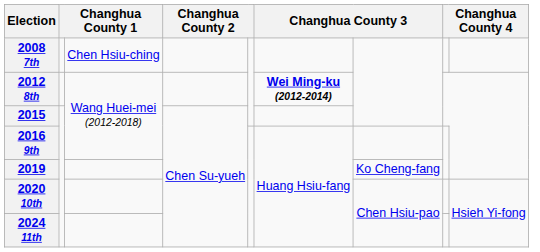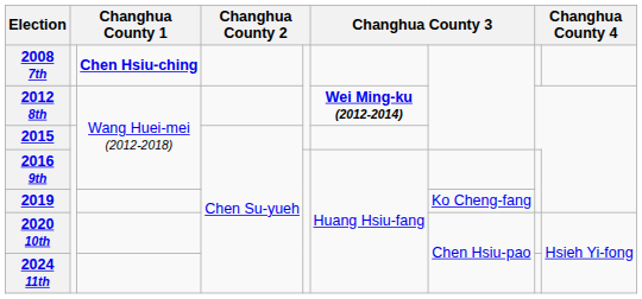 <table class="wikitable" align="center" style="text-align:center">
 <tr>
 <th>Election</th>
 <th colspan="2" width="80px">Changhua County 1</th>
 <th colspan="2" width="80px">Changhua County 2</th>
 <th colspan="2" width="80px">Changhua County 3</th>
 <th colspan="2" width="80px">Changhua County 4</th>
 </tr>
 <tr>
 <th><a href='#'>2008</a><br><small><em><a href='#'>7th</a></em></small><br></th>
 <td style="color:inherit;background:"></td>
-<td><a href='#'>Chen Hsiu-ching</a></td>
+<td><strong><a href='#'>Chen Hsiu-ching</a></strong></td>
 <td style="color:inherit;background:"></td>
 <td rowspan=3></td>
 <td style="color:inherit;background:"></td>
 <td rowspan=3></td>
 <td style="color:inherit;background:"></td>
 <td></td>
 </tr>
 <tr>
 <th><a href='#'>2012</a><br><small><em><a href='#'>8th</a></em></small><br></th>
 <td style="color:inherit;background:"></td>
 <td rowspan=3><a href='#'>Wang Huei-mei</a><br><small><em>(2012-2018)</em></small></td>
 <td style="color:inherit;background:"></td>
 <td><strong><a href='#'>Wei Ming-ku</a><br><small><em>(2012-2014)</em></small></strong></td>
 </tr>
 <tr>
 <th><a href='#'>2015</a></th>
 <td rowspan="5" style="color:inherit;background:"></td>
 <td rowspan="5"><a href='#'>Chen Su-yueh</a></td>
 </tr>
 <tr>
 <th><a href='#'>2016</a><br><small><em><a href='#'>9th</a></em></small><br></th>
 <td rowspan="4" style="color:inherit;background:"></td>
 <td rowspan="4"><a href='#'>Huang Hsiu-fang</a></td>
 <td style="color:inherit;background:"></td>
 <td rowspan=2></td>
 </tr>
 <tr>
 <th><a href='#'>2019</a></th>
 <td style="color:inherit;background:"></td>
 <td><a href='#'>Ko Cheng-fang</a></td>
 </tr>
 <tr>
 <th><a href='#'>2020</a><br><small><em><a href='#'>10th</a></em></small><br></th>
 <td rowspan="1"></td>
 <td rowspan=2><a href='#'>Chen Hsiu-pao</a></td>
 <td style="color:inherit;background:"></td>
 <td rowspan=2><a href='#'>Hsieh Yi-fong</a></td>
 </tr>
 <tr>
 <th><a href='#'>2024</a><br><small><em><a href='#'>11th</a></em></small><br></th>
 </tr>
 </table>
